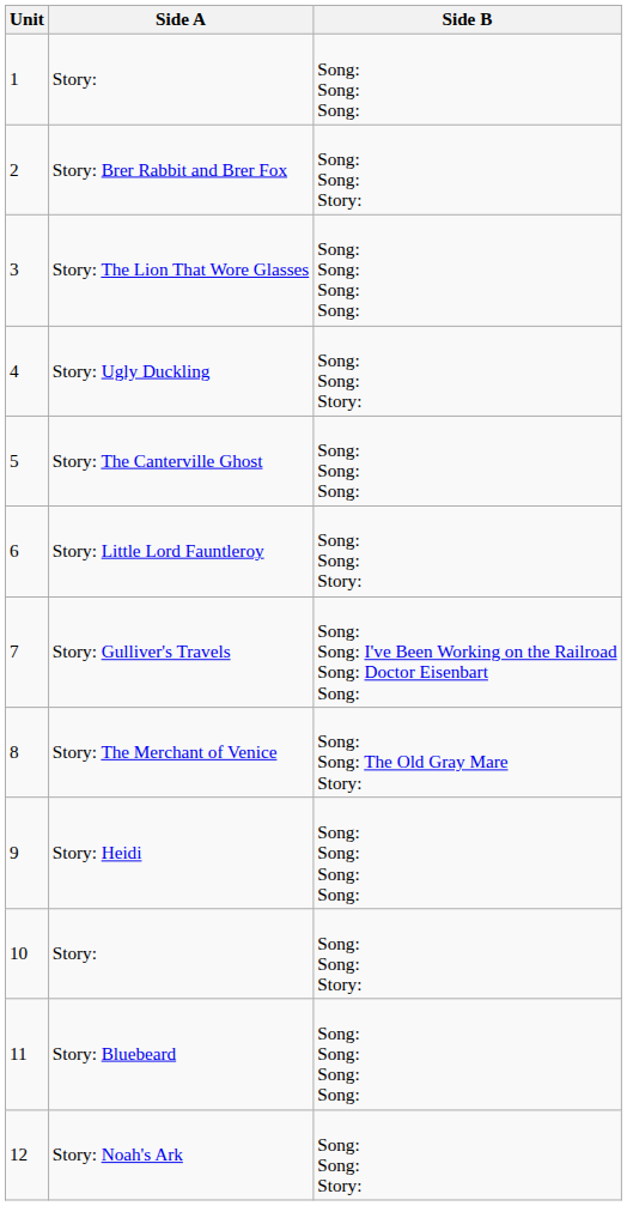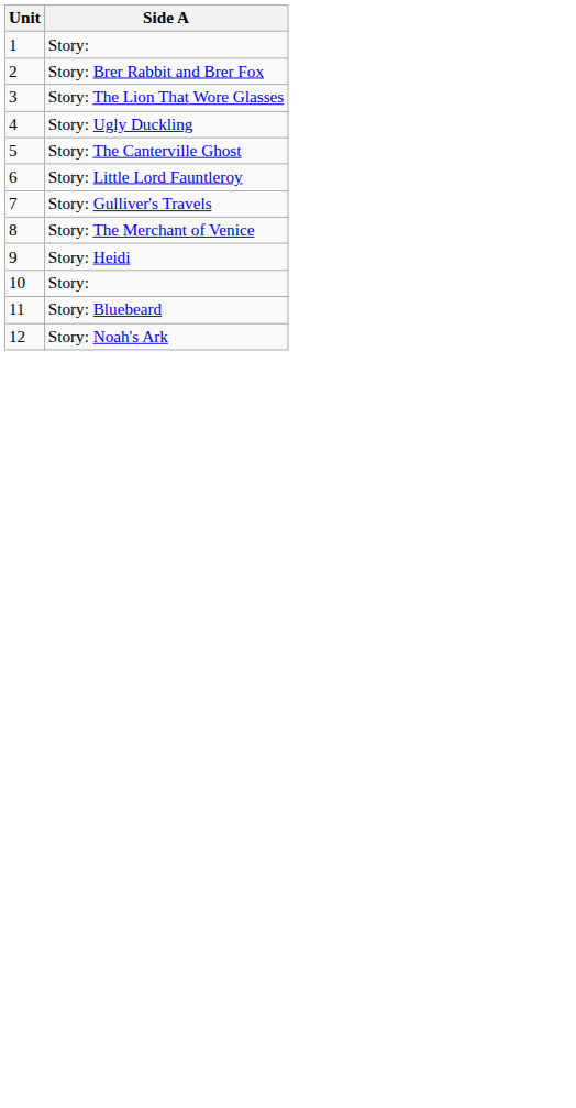 <table class="wikitable">
 <tr>
 <th>Unit</th>
 <th>Side A</th>
-<th>Side B</th>
 </tr>
 <tr>
 <td>1</td>
 <td>Story: </td>
-<td><br>Song: <br> Song: <br> Song: </td>
 </tr>
 <tr>
 <td>2</td>
 <td>Story: <a href='#'>Brer Rabbit and Brer Fox</a></td>
-<td><br>Song: <br> Song: <br> Story: </td>
 </tr>
 <tr>
 <td>3</td>
 <td>Story: <a href='#'>The Lion That Wore Glasses</a></td>
-<td><br>Song: <br> Song: <br> Song: <br> Song: </td>
 </tr>
 <tr>
 <td>4</td>
 <td>Story: <a href='#'>Ugly Duckling</a></td>
-<td><br>Song: <br> Song: <br> Story: </td>
 </tr>
 <tr>
 <td>5</td>
 <td>Story: <a href='#'>The Canterville Ghost</a></td>
-<td><br>Song: <br> Song: <br> Song: </td>
 </tr>
 <tr>
 <td>6</td>
 <td>Story: <a href='#'>Little Lord Fauntleroy</a></td>
-<td><br>Song: <br> Song: <br> Story: </td>
 </tr>
 <tr>
 <td>7</td>
 <td>Story: <a href='#'>Gulliver's Travels</a></td>
-<td><br>Song: <br> Song: <a href='#'>I've Been Working on the Railroad</a><br> Song: <a href='#'>Doctor Eisenbart</a><br> Song: </td>
 </tr>
 <tr>
 <td>8</td>
 <td>Story: <a href='#'>The Merchant of Venice</a></td>
-<td><br>Song: <br> Song: <a href='#'>The Old Gray Mare</a><br> Story: </td>
 </tr>
 <tr>
 <td>9</td>
 <td>Story: <a href='#'>Heidi</a></td>
-<td><br>Song: <br> Song: <br> Song: <br> Song: </td>
 </tr>
 <tr>
 <td>10</td>
 <td>Story: </td>
-<td><br>Song: <br> Song: <br> Story: </td>
 </tr>
 <tr>
 <td>11</td>
 <td>Story: <a href='#'>Bluebeard</a></td>
-<td><br>Song: <br> Song: <br> Song: <br> Song: </td>
 </tr>
 <tr>
 <td>12</td>
 <td>Story: <a href='#'>Noah's Ark</a></td>
-<td><br>Song: <br> Song: <br> Story: </td>
 </tr>
 </table>
